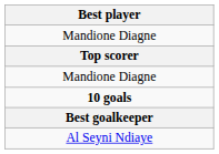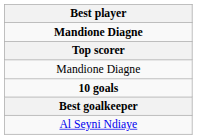 <table class="wikitable" style="margin:1em auto;">
 <tr>
 <th width=250>Best player</th>
 </tr>
 <tr>
-<td align=center> Mandione Diagne</td>
+<td align=center><strong> Mandione Diagne</strong></td>
 </tr>
 <tr>
 <th>Top scorer</th>
 </tr>
 <tr>
 <td align=center> Mandione Diagne</td>
 </tr>
 <tr>
 <td align=center><strong>10 goals</strong></td>
 </tr>
 <tr>
 <th>Best goalkeeper</th>
 </tr>
 <tr>
 <td align=center> <a href='#'>Al Seyni Ndiaye</a></td>
 </tr>
 </table>
